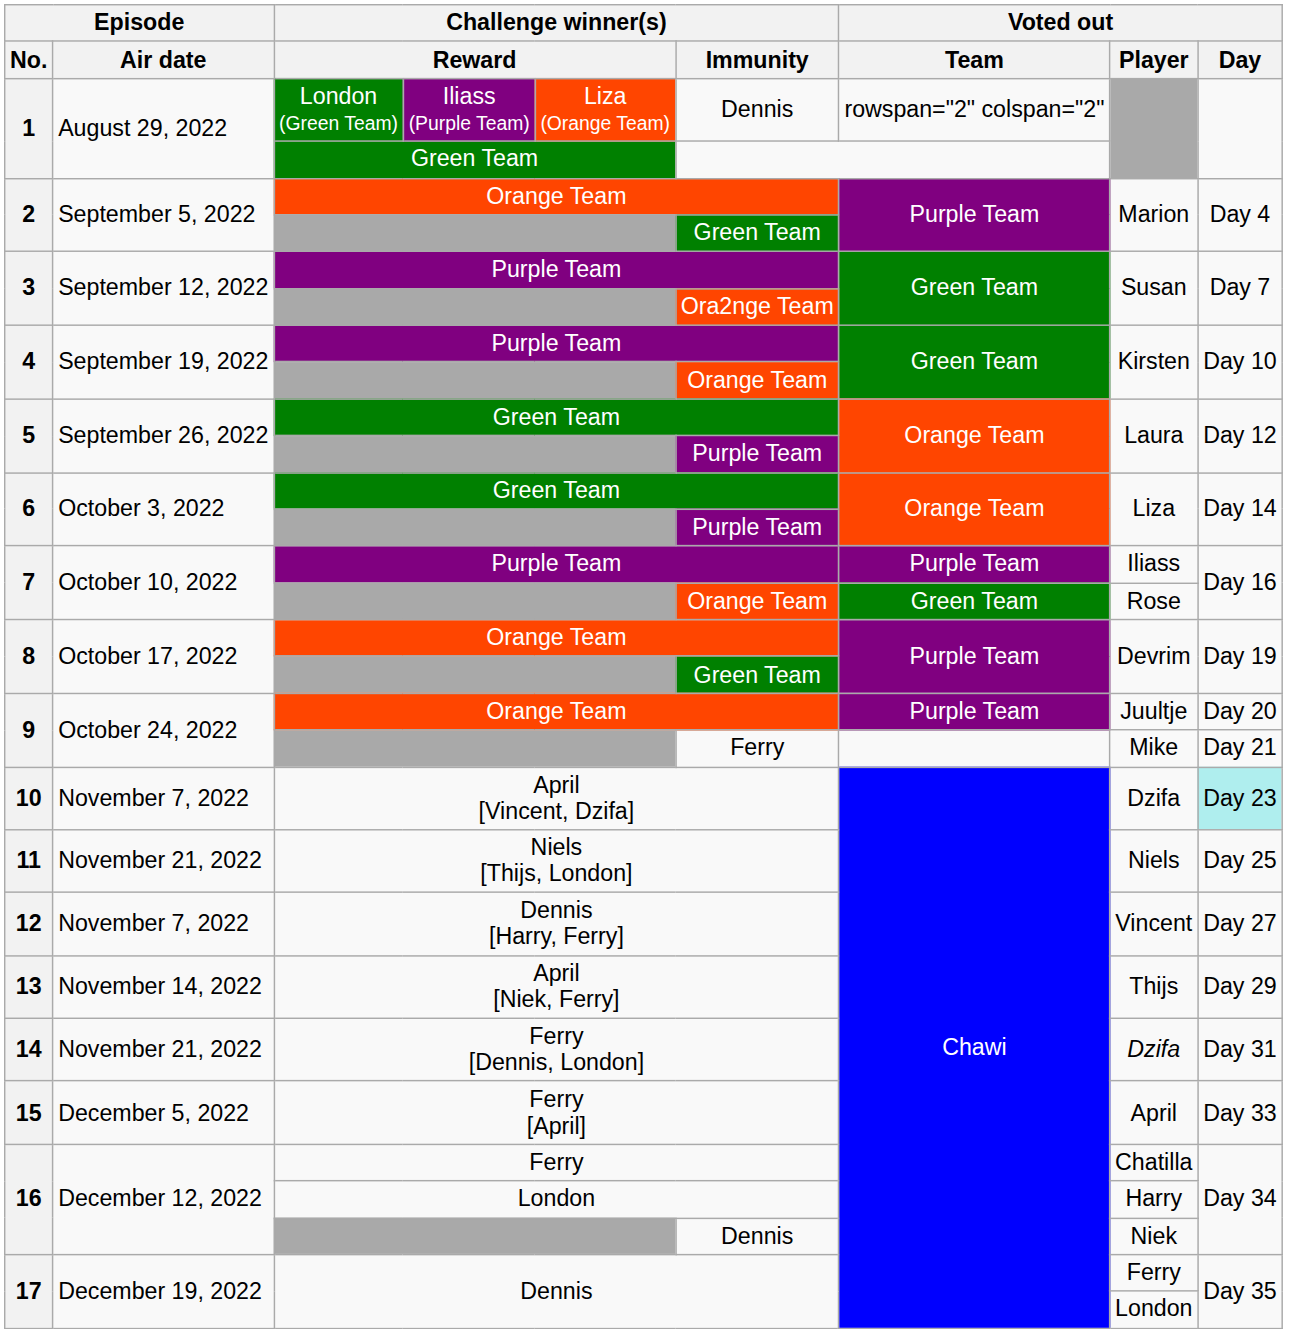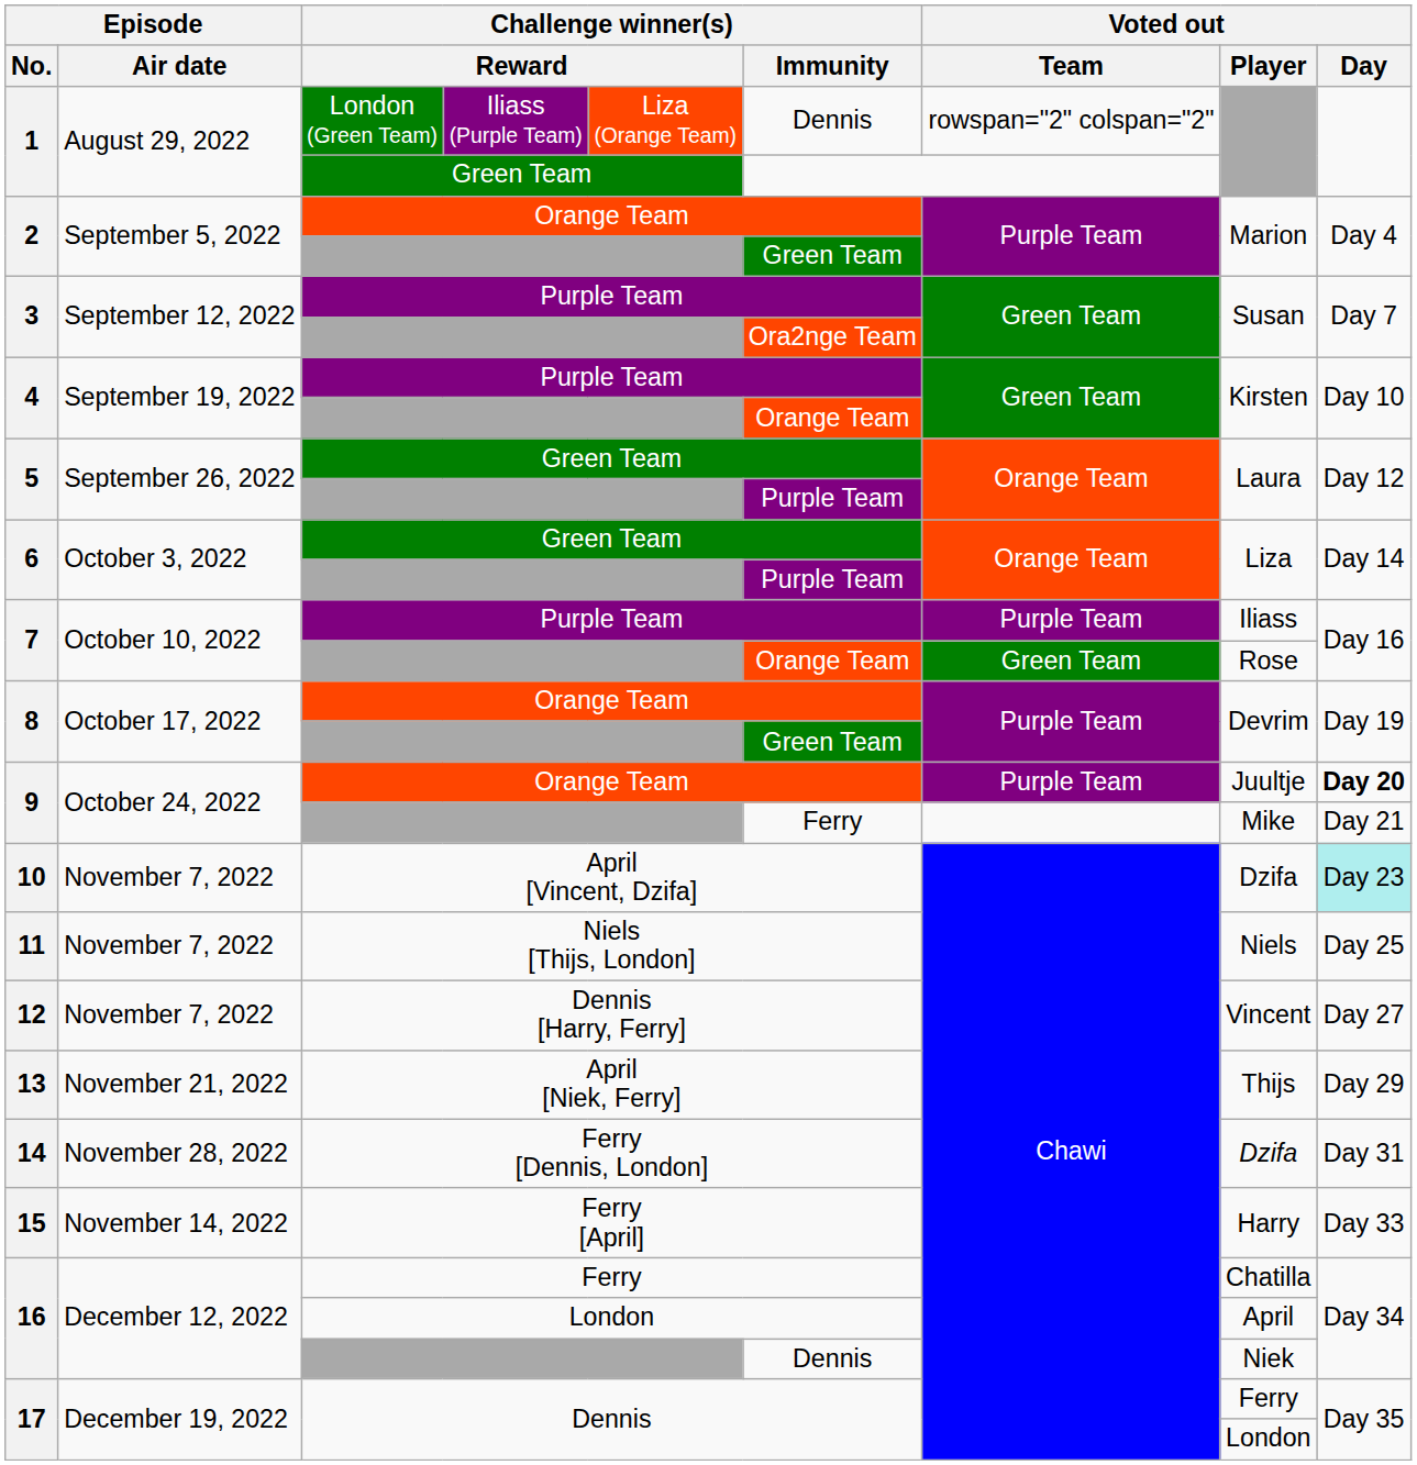 <table class="wikitable unsortable" style="text-align:center;">
 <tr>
 <th colspan="2" scope="col">Episode</th>
 <th colspan="4" scope="col group">Challenge winner(s)</th>
 <th colspan="3" scope="col group">Voted out</th>
 </tr>
 <tr>
 <th scope="col">No.</th>
 <th scope="col">Air date</th>
 <th colspan="3" scope="col">Reward</th>
 <th scope="col">Immunity</th>
 <th scope="col">Team</th>
 <th scope="col">Player</th>
 <th scope="col">Day</th>
 </tr>
 <tr>
 <th rowspan="2">1</th>
 <td rowspan="2" align="left">August 29, 2022</td>
 <td style="background:green; color:white;">London<br><small>(Green Team)</small></td>
 <td style="background:purple; color:white;">Iliass<br><small>(Purple Team)</small></td>
 <td style="background:orangered; color:white;">Liza<br><small>(Orange Team)</small></td>
 <td>Dennis</td>
 <td>rowspan="2" colspan="2" </td>
 <td rowspan="2" bgcolor="darkgrey"></td>
 </tr>
 <tr>
 <td colspan="3" style="background:green; color:white;">Green Team</td>
 </tr>
 <tr>
 <th rowspan="2">2</th>
 <td rowspan="2" align="left">September 5, 2022</td>
 <td colspan="4" style="background:orangered; color:white;">Orange Team</td>
 <td rowspan="2" style="background:purple; color:white;">Purple Team</td>
 <td rowspan="2">Marion</td>
 <td rowspan="2">Day 4</td>
 </tr>
 <tr>
 <td colspan="3" style="background:darkgray; border:none;"></td>
 <td style="background:green; color:white;">Green Team</td>
 </tr>
 <tr>
 <th rowspan="2">3</th>
 <td rowspan="2" align="left">September 12, 2022</td>
 <td colspan="4" style="background:purple; color:white;">Purple Team</td>
 <td rowspan="2" style="background:green; color:white;">Green Team</td>
 <td rowspan="2">Susan</td>
 <td rowspan="2">Day 7</td>
 </tr>
 <tr>
 <td colspan="3" style="background:darkgray; border:none;"></td>
 <td style="background:orangered; color:white;">Ora2nge Team</td>
 </tr>
 <tr>
 <th rowspan="2">4</th>
 <td rowspan="2" align="left">September 19, 2022</td>
 <td colspan="4" style="background:purple; color:white;">Purple Team</td>
 <td rowspan="2" style="background:green; color:white;">Green Team</td>
 <td rowspan="2">Kirsten</td>
 <td rowspan="2">Day 10</td>
 </tr>
 <tr>
 <td colspan="3" style="background:darkgray; border:none;"></td>
 <td style="background:orangered; color:white;">Orange Team</td>
 </tr>
 <tr>
 <th rowspan="2">5</th>
 <td rowspan="2" align="left">September 26, 2022</td>
 <td colspan="4" style="background:green; color:white;">Green Team</td>
 <td rowspan="2" style="background:orangered; color:white;">Orange Team</td>
 <td rowspan="2">Laura</td>
 <td rowspan="2">Day 12</td>
 </tr>
 <tr>
 <td colspan="3" style="background:darkgray; border:none;"></td>
 <td style="background:purple; color:white;">Purple Team</td>
 </tr>
 <tr>
 <th rowspan="2">6</th>
 <td rowspan="2" align="left">October 3, 2022</td>
 <td colspan="4" style="background:green; color:white;">Green Team</td>
 <td rowspan="2" style="background:orangered; color:white;">Orange Team</td>
 <td rowspan="2">Liza</td>
 <td rowspan="2">Day 14</td>
 </tr>
 <tr>
 <td colspan="3" style="background:darkgray; border:none;"></td>
 <td style="background:purple; color:white;">Purple Team</td>
 </tr>
 <tr>
 <th rowspan="2">7</th>
 <td rowspan="2" align="left">October 10, 2022</td>
 <td colspan="4" style="background:purple; color:white;">Purple Team</td>
 <td style="background:purple; color:white;">Purple Team</td>
 <td>Iliass</td>
 <td rowspan="2" colspan="2">Day 16</td>
 </tr>
 <tr>
 <td colspan="3" style="background:darkgray; border:none;"></td>
 <td style="background:orangered; color:white;">Orange Team</td>
 <td style="background:green; color:white;">Green Team</td>
 <td>Rose</td>
 </tr>
 <tr>
 <th rowspan="2">8</th>
 <td rowspan="2" align="left">October 17, 2022</td>
 <td colspan="4" style="background:orangered; color:white;">Orange Team</td>
 <td rowspan="2" style="background:purple; color:white;">Purple Team</td>
 <td rowspan="2">Devrim</td>
 <td rowspan="2">Day 19</td>
 </tr>
 <tr>
 <td colspan="3" style="background:darkgray; border:none;"></td>
 <td style="background:green; color:white;">Green Team</td>
 </tr>
 <tr>
 <th rowspan="2">9</th>
 <td rowspan="2" align="left">October 24, 2022</td>
 <td colspan="4" style="background:orangered; color:white;">Orange Team</td>
 <td style="background:purple; color:white;">Purple Team</td>
 <td>Juultje</td>
-<td>Day 20</td>
+<td><strong>Day 20</strong></td>
 </tr>
 <tr>
 <td colspan="3" style="background:darkgray; border:none;"></td>
 <td>Ferry</td>
 <td></td>
 <td>Mike</td>
 <td>Day 21</td>
 </tr>
 <tr>
 <th>10</th>
 <td align="left">November 7, 2022</td>
 <td colspan="4">April<br>[Vincent, Dzifa]</td>
 <td rowspan="100%" style="background:blue; color:white;">Chawi</td>
 <td>Dzifa</td>
 <td style="background: paleturquoise;">Day 23</td>
 </tr>
 <tr>
 <th>11</th>
-<td align="left">November 21, 2022</td>
+<td align="left">November 7, 2022</td>
 <td colspan="4">Niels<br>[Thijs, London]</td>
 <td>Niels</td>
 <td>Day 25</td>
 </tr>
 <tr>
 <th>12</th>
 <td align="left">November 7, 2022</td>
 <td colspan="4">Dennis<br>[Harry, Ferry]</td>
 <td>Vincent</td>
 <td>Day 27</td>
 </tr>
 <tr>
 <th>13</th>
-<td align="left">November 14, 2022</td>
+<td align="left">November 21, 2022</td>
 <td colspan="4">April<br>[Niek, Ferry]</td>
 <td>Thijs</td>
 <td>Day 29</td>
 </tr>
 <tr>
 <th>14</th>
-<td align="left">November 21, 2022</td>
+<td align="left">November 28, 2022</td>
 <td colspan="4">Ferry<br>[Dennis, London]</td>
 <td><em>Dzifa</em></td>
 <td>Day 31</td>
 </tr>
 <tr>
 <th>15</th>
-<td align="left">December 5, 2022</td>
+<td align="left">November 14, 2022</td>
 <td colspan="4">Ferry<br>[April]</td>
-<td>April</td>
+<td>Harry</td>
 <td>Day 33</td>
 </tr>
 <tr>
 <th rowspan="3">16</th>
 <td rowspan="3" align="left">December 12, 2022</td>
 <td colspan="4">Ferry</td>
 <td>Chatilla</td>
 <td rowspan="3">Day 34</td>
 </tr>
 <tr>
 <td colspan="4">London</td>
-<td>Harry</td>
+<td>April</td>
 </tr>
 <tr>
 <td colspan="3" style="background:darkgray; border:none;"></td>
 <td>Dennis</td>
 <td>Niek</td>
 </tr>
 <tr>
 <th rowspan="2">17</th>
 <td rowspan="2" align="left">December 19, 2022</td>
 <td rowspan="2" colspan="4">Dennis</td>
 <td>Ferry</td>
 <td rowspan="2">Day 35</td>
 </tr>
 <tr>
 <td>London</td>
 </tr>
 </table>
